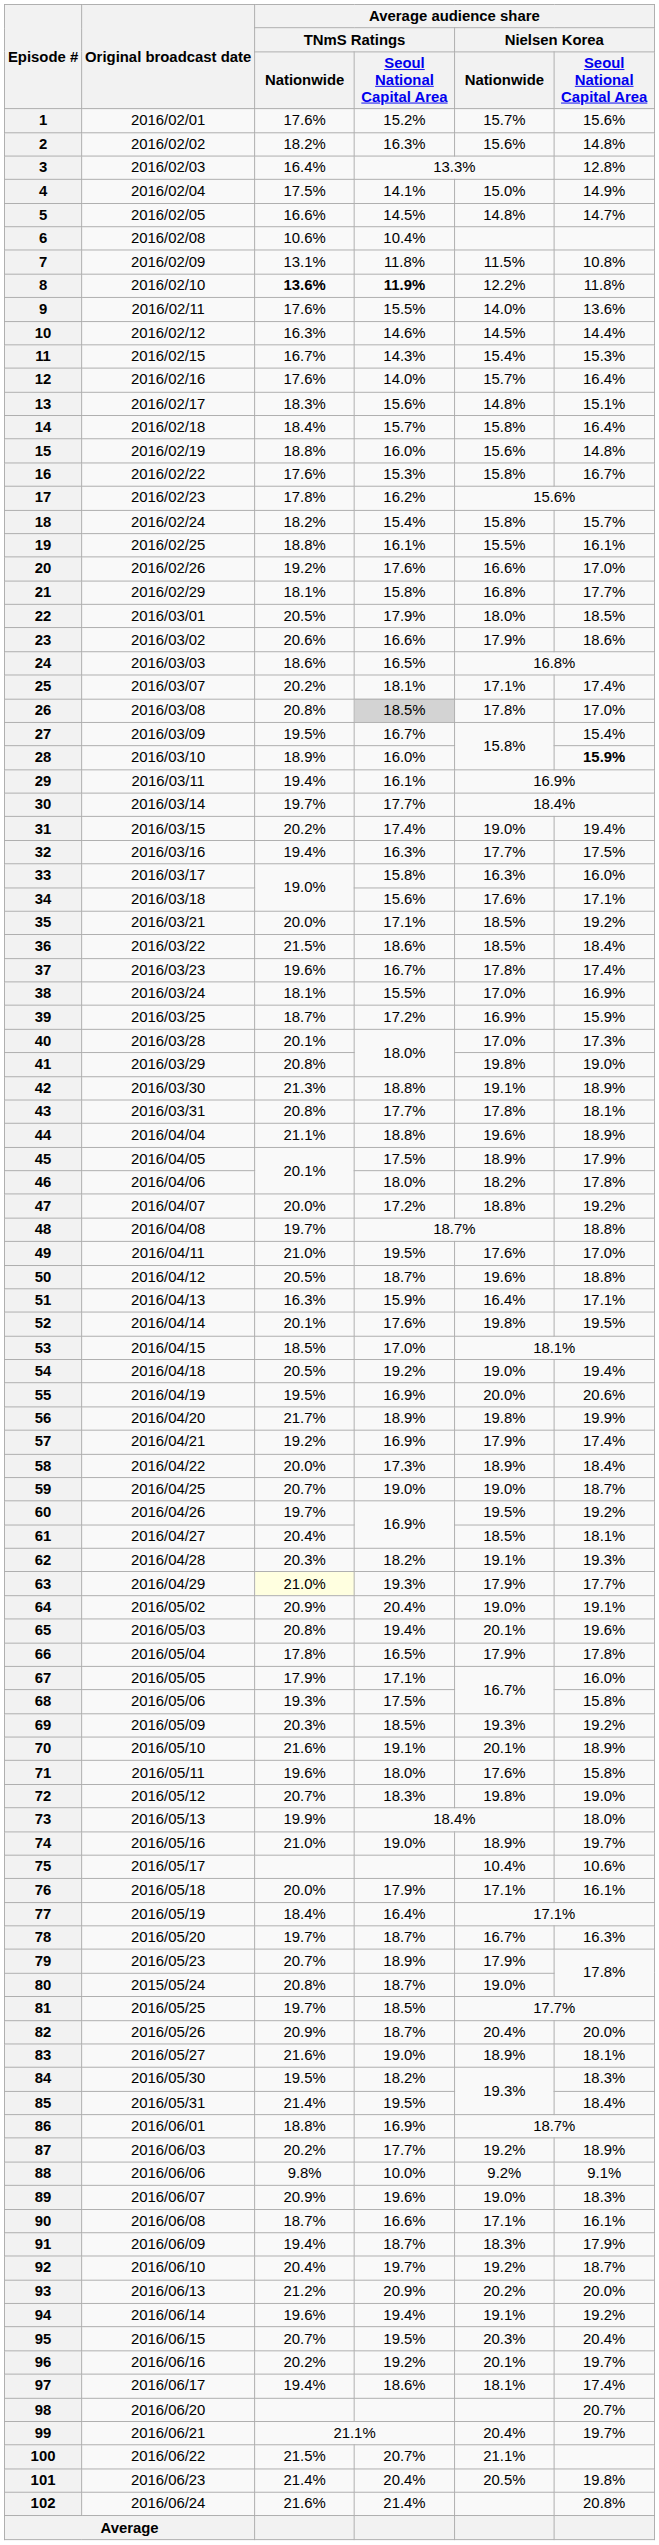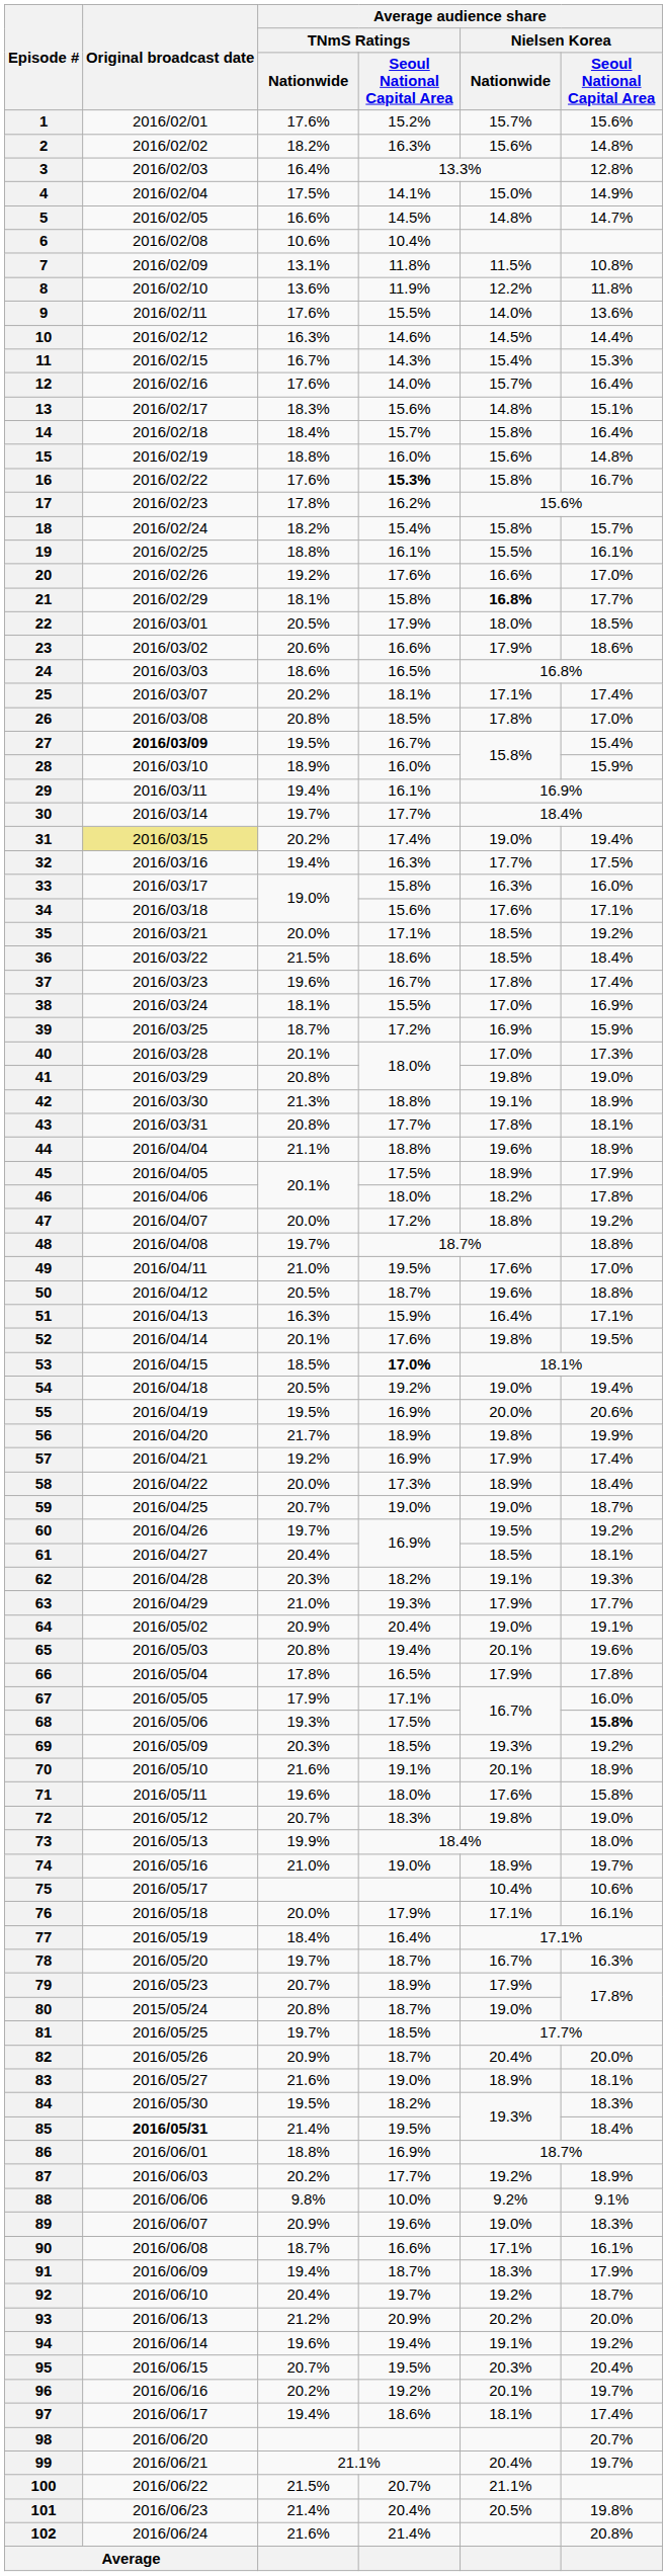 <table class=wikitable style="text-align:center">
 <tr>
 <th rowspan="3">Episode #</th>
 <th rowspan="3">Original broadcast date</th>
 <th colspan="4">Average audience share</th>
 </tr>
 <tr>
 <th colspan="2">TNmS Ratings</th>
 <th colspan="2">Nielsen Korea</th>
 </tr>
 <tr>
 <th width=100>Nationwide</th>
 <th width=100><a href='#'>Seoul National Capital Area</a></th>
 <th width=100>Nationwide</th>
 <th width=100><a href='#'>Seoul National Capital Area</a></th>
 </tr>
 <tr>
 <th>1</th>
 <td>2016/02/01</td>
 <td>17.6%</td>
 <td>15.2%</td>
 <td>15.7%</td>
 <td>15.6%</td>
 </tr>
 <tr>
 <th>2</th>
 <td>2016/02/02</td>
 <td>18.2%</td>
 <td>16.3%</td>
 <td>15.6%</td>
 <td>14.8%</td>
 </tr>
 <tr>
 <th>3</th>
 <td>2016/02/03</td>
 <td>16.4%</td>
 <td colspan=2>13.3%</td>
 <td>12.8%</td>
 </tr>
 <tr>
 <th>4</th>
 <td>2016/02/04</td>
 <td>17.5%</td>
 <td>14.1%</td>
 <td>15.0%</td>
 <td>14.9%</td>
 </tr>
 <tr>
 <th>5</th>
 <td>2016/02/05</td>
 <td>16.6%</td>
 <td>14.5%</td>
 <td>14.8%</td>
 <td>14.7%</td>
 </tr>
 <tr>
 <th>6</th>
 <td>2016/02/08</td>
 <td>10.6%</td>
 <td>10.4%</td>
 <td></td>
 <td></td>
 </tr>
 <tr>
 <th>7</th>
 <td>2016/02/09</td>
 <td>13.1%</td>
 <td>11.8%</td>
 <td>11.5%</td>
 <td>10.8%</td>
 </tr>
 <tr>
 <th>8</th>
 <td>2016/02/10</td>
-<td><strong>13.6%</strong></td>
-<td><strong>11.9%</strong></td>
+<td>13.6%</td>
+<td>11.9%</td>
 <td>12.2%</td>
 <td>11.8%</td>
 </tr>
 <tr>
 <th>9</th>
 <td>2016/02/11</td>
 <td>17.6%</td>
 <td>15.5%</td>
 <td>14.0%</td>
 <td>13.6%</td>
 </tr>
 <tr>
 <th>10</th>
 <td>2016/02/12</td>
 <td>16.3%</td>
 <td>14.6%</td>
 <td>14.5%</td>
 <td>14.4%</td>
 </tr>
 <tr>
 <th>11</th>
 <td>2016/02/15</td>
 <td>16.7%</td>
 <td>14.3%</td>
 <td>15.4%</td>
 <td>15.3%</td>
 </tr>
 <tr>
 <th>12</th>
 <td>2016/02/16</td>
 <td>17.6%</td>
 <td>14.0%</td>
 <td>15.7%</td>
 <td>16.4%</td>
 </tr>
 <tr>
 <th>13</th>
 <td>2016/02/17</td>
 <td>18.3%</td>
 <td>15.6%</td>
 <td>14.8%</td>
 <td>15.1%</td>
 </tr>
 <tr>
 <th>14</th>
 <td>2016/02/18</td>
 <td>18.4%</td>
 <td>15.7%</td>
 <td>15.8%</td>
 <td>16.4%</td>
 </tr>
 <tr>
 <th>15</th>
 <td>2016/02/19</td>
 <td>18.8%</td>
 <td>16.0%</td>
 <td>15.6%</td>
 <td>14.8%</td>
 </tr>
 <tr>
 <th>16</th>
 <td>2016/02/22</td>
 <td>17.6%</td>
-<td>15.3%</td>
+<td><strong>15.3%</strong></td>
 <td>15.8%</td>
 <td>16.7%</td>
 </tr>
 <tr>
 <th>17</th>
 <td>2016/02/23</td>
 <td>17.8%</td>
 <td>16.2%</td>
 <td colspan=2>15.6%</td>
 </tr>
 <tr>
 <th>18</th>
 <td>2016/02/24</td>
 <td>18.2%</td>
 <td>15.4%</td>
 <td>15.8%</td>
 <td>15.7%</td>
 </tr>
 <tr>
 <th>19</th>
 <td>2016/02/25</td>
 <td>18.8%</td>
 <td>16.1%</td>
 <td>15.5%</td>
 <td>16.1%</td>
 </tr>
 <tr>
 <th>20</th>
 <td>2016/02/26</td>
 <td>19.2%</td>
 <td>17.6%</td>
 <td>16.6%</td>
 <td>17.0%</td>
 </tr>
 <tr>
 <th>21</th>
 <td>2016/02/29</td>
 <td>18.1%</td>
 <td>15.8%</td>
-<td>16.8%</td>
+<td><strong>16.8%</strong></td>
 <td>17.7%</td>
 </tr>
 <tr>
 <th>22</th>
 <td>2016/03/01</td>
 <td>20.5%</td>
 <td>17.9%</td>
 <td>18.0%</td>
 <td>18.5%</td>
 </tr>
 <tr>
 <th>23</th>
 <td>2016/03/02</td>
 <td>20.6%</td>
 <td>16.6%</td>
 <td>17.9%</td>
 <td>18.6%</td>
 </tr>
 <tr>
 <th>24</th>
 <td>2016/03/03</td>
 <td>18.6%</td>
 <td>16.5%</td>
 <td colspan=2>16.8%</td>
 </tr>
 <tr>
 <th>25</th>
 <td>2016/03/07</td>
 <td>20.2%</td>
 <td>18.1%</td>
 <td>17.1%</td>
 <td>17.4%</td>
 </tr>
 <tr>
 <th>26</th>
 <td>2016/03/08</td>
 <td>20.8%</td>
-<td style="background: lightgrey;">18.5%</td>
+<td>18.5%</td>
 <td>17.8%</td>
 <td>17.0%</td>
 </tr>
 <tr>
 <th>27</th>
-<td>2016/03/09</td>
+<td><strong>2016/03/09</strong></td>
 <td>19.5%</td>
 <td>16.7%</td>
 <td rowspan=2>15.8%</td>
 <td>15.4%</td>
 </tr>
 <tr>
 <th>28</th>
 <td>2016/03/10</td>
 <td>18.9%</td>
 <td>16.0%</td>
-<td><strong>15.9%</strong></td>
+<td>15.9%</td>
 </tr>
 <tr>
 <th>29</th>
 <td>2016/03/11</td>
 <td>19.4%</td>
 <td>16.1%</td>
 <td colspan=2>16.9%</td>
 </tr>
 <tr>
 <th>30</th>
 <td>2016/03/14</td>
 <td>19.7%</td>
 <td>17.7%</td>
 <td colspan=2>18.4%</td>
 </tr>
 <tr>
 <th>31</th>
-<td>2016/03/15</td>
+<td style="background: khaki;">2016/03/15</td>
 <td>20.2%</td>
 <td>17.4%</td>
 <td>19.0%</td>
 <td>19.4%</td>
 </tr>
 <tr>
 <th>32</th>
 <td>2016/03/16</td>
 <td>19.4%</td>
 <td>16.3%</td>
 <td>17.7%</td>
 <td>17.5%</td>
 </tr>
 <tr>
 <th>33</th>
 <td>2016/03/17</td>
 <td rowspan=2>19.0%</td>
 <td>15.8%</td>
 <td>16.3%</td>
 <td>16.0%</td>
 </tr>
 <tr>
 <th>34</th>
 <td>2016/03/18</td>
 <td>15.6%</td>
 <td>17.6%</td>
 <td>17.1%</td>
 </tr>
 <tr>
 <th>35</th>
 <td>2016/03/21</td>
 <td>20.0%</td>
 <td>17.1%</td>
 <td>18.5%</td>
 <td>19.2%</td>
 </tr>
 <tr>
 <th>36</th>
 <td>2016/03/22</td>
 <td>21.5%</td>
 <td>18.6%</td>
 <td>18.5%</td>
 <td>18.4%</td>
 </tr>
 <tr>
 <th>37</th>
 <td>2016/03/23</td>
 <td>19.6%</td>
 <td>16.7%</td>
 <td>17.8%</td>
 <td>17.4%</td>
 </tr>
 <tr>
 <th>38</th>
 <td>2016/03/24</td>
 <td>18.1%</td>
 <td>15.5%</td>
 <td>17.0%</td>
 <td>16.9%</td>
 </tr>
 <tr>
 <th>39</th>
 <td>2016/03/25</td>
 <td>18.7%</td>
 <td>17.2%</td>
 <td>16.9%</td>
 <td>15.9%</td>
 </tr>
 <tr>
 <th>40</th>
 <td>2016/03/28</td>
 <td>20.1%</td>
 <td rowspan=2>18.0%</td>
 <td>17.0%</td>
 <td>17.3%</td>
 </tr>
 <tr>
 <th>41</th>
 <td>2016/03/29</td>
 <td>20.8%</td>
 <td>19.8%</td>
 <td>19.0%</td>
 </tr>
 <tr>
 <th>42</th>
 <td>2016/03/30</td>
 <td>21.3%</td>
 <td>18.8%</td>
 <td>19.1%</td>
 <td>18.9%</td>
 </tr>
 <tr>
 <th>43</th>
 <td>2016/03/31</td>
 <td>20.8%</td>
 <td>17.7%</td>
 <td>17.8%</td>
 <td>18.1%</td>
 </tr>
 <tr>
 <th>44</th>
 <td>2016/04/04</td>
 <td>21.1%</td>
 <td>18.8%</td>
 <td>19.6%</td>
 <td>18.9%</td>
 </tr>
 <tr>
 <th>45</th>
 <td>2016/04/05</td>
 <td rowspan=2>20.1%</td>
 <td>17.5%</td>
 <td>18.9%</td>
 <td>17.9%</td>
 </tr>
 <tr>
 <th>46</th>
 <td>2016/04/06</td>
 <td>18.0%</td>
 <td>18.2%</td>
 <td>17.8%</td>
 </tr>
 <tr>
 <th>47</th>
 <td>2016/04/07</td>
 <td>20.0%</td>
 <td>17.2%</td>
 <td>18.8%</td>
 <td>19.2%</td>
 </tr>
 <tr>
 <th>48</th>
 <td>2016/04/08</td>
 <td>19.7%</td>
 <td colspan=2>18.7%</td>
 <td>18.8%</td>
 </tr>
 <tr>
 <th>49</th>
 <td>2016/04/11</td>
 <td>21.0%</td>
 <td>19.5%</td>
 <td>17.6%</td>
 <td>17.0%</td>
 </tr>
 <tr>
 <th>50</th>
 <td>2016/04/12</td>
 <td>20.5%</td>
 <td>18.7%</td>
 <td>19.6%</td>
 <td>18.8%</td>
 </tr>
 <tr>
 <th>51</th>
 <td>2016/04/13</td>
 <td>16.3%</td>
 <td>15.9%</td>
 <td>16.4%</td>
 <td>17.1%</td>
 </tr>
 <tr>
 <th>52</th>
 <td>2016/04/14</td>
 <td>20.1%</td>
 <td>17.6%</td>
 <td>19.8%</td>
 <td>19.5%</td>
 </tr>
 <tr>
 <th>53</th>
 <td>2016/04/15</td>
 <td>18.5%</td>
-<td>17.0%</td>
+<td><strong>17.0%</strong></td>
 <td colspan=2>18.1%</td>
 </tr>
 <tr>
 <th>54</th>
 <td>2016/04/18</td>
 <td>20.5%</td>
 <td>19.2%</td>
 <td>19.0%</td>
 <td>19.4%</td>
 </tr>
 <tr>
 <th>55</th>
 <td>2016/04/19</td>
 <td>19.5%</td>
 <td>16.9%</td>
 <td>20.0%</td>
 <td>20.6%</td>
 </tr>
 <tr>
 <th>56</th>
 <td>2016/04/20</td>
 <td>21.7%</td>
 <td>18.9%</td>
 <td>19.8%</td>
 <td>19.9%</td>
 </tr>
 <tr>
 <th>57</th>
 <td>2016/04/21</td>
 <td>19.2%</td>
 <td>16.9%</td>
 <td>17.9%</td>
 <td>17.4%</td>
 </tr>
 <tr>
 <th>58</th>
 <td>2016/04/22</td>
 <td>20.0%</td>
 <td>17.3%</td>
 <td>18.9%</td>
 <td>18.4%</td>
 </tr>
 <tr>
 <th>59</th>
 <td>2016/04/25</td>
 <td>20.7%</td>
 <td>19.0%</td>
 <td>19.0%</td>
 <td>18.7%</td>
 </tr>
 <tr>
 <th>60</th>
 <td>2016/04/26</td>
 <td>19.7%</td>
 <td rowspan=2>16.9%</td>
 <td>19.5%</td>
 <td>19.2%</td>
 </tr>
 <tr>
 <th>61</th>
 <td>2016/04/27</td>
 <td>20.4%</td>
 <td>18.5%</td>
 <td>18.1%</td>
 </tr>
 <tr>
 <th>62</th>
 <td>2016/04/28</td>
 <td>20.3%</td>
 <td>18.2%</td>
 <td>19.1%</td>
 <td>19.3%</td>
 </tr>
 <tr>
 <th>63</th>
 <td>2016/04/29</td>
-<td style="background: lightyellow;">21.0%</td>
+<td>21.0%</td>
 <td>19.3%</td>
 <td>17.9%</td>
 <td>17.7%</td>
 </tr>
 <tr>
 <th>64</th>
 <td>2016/05/02</td>
 <td>20.9%</td>
 <td>20.4%</td>
 <td>19.0%</td>
 <td>19.1%</td>
 </tr>
 <tr>
 <th>65</th>
 <td>2016/05/03</td>
 <td>20.8%</td>
 <td>19.4%</td>
 <td>20.1%</td>
 <td>19.6%</td>
 </tr>
 <tr>
 <th>66</th>
 <td>2016/05/04</td>
 <td>17.8%</td>
 <td>16.5%</td>
 <td>17.9%</td>
 <td>17.8%</td>
 </tr>
 <tr>
 <th>67</th>
 <td>2016/05/05</td>
 <td>17.9%</td>
 <td>17.1%</td>
 <td rowspan=2>16.7%</td>
 <td>16.0%</td>
 </tr>
 <tr>
 <th>68</th>
 <td>2016/05/06</td>
 <td>19.3%</td>
 <td>17.5%</td>
-<td>15.8%</td>
+<td><strong>15.8%</strong></td>
 </tr>
 <tr>
 <th>69</th>
 <td>2016/05/09</td>
 <td>20.3%</td>
 <td>18.5%</td>
 <td>19.3%</td>
 <td>19.2%</td>
 </tr>
 <tr>
 <th>70</th>
 <td>2016/05/10</td>
 <td>21.6%</td>
 <td>19.1%</td>
 <td>20.1%</td>
 <td>18.9%</td>
 </tr>
 <tr>
 <th>71</th>
 <td>2016/05/11</td>
 <td>19.6%</td>
 <td>18.0%</td>
 <td>17.6%</td>
 <td>15.8%</td>
 </tr>
 <tr>
 <th>72</th>
 <td>2016/05/12</td>
 <td>20.7%</td>
 <td>18.3%</td>
 <td>19.8%</td>
 <td>19.0%</td>
 </tr>
 <tr>
 <th>73</th>
 <td>2016/05/13</td>
 <td>19.9%</td>
 <td colspan=2>18.4%</td>
 <td>18.0%</td>
 </tr>
 <tr>
 <th>74</th>
 <td>2016/05/16</td>
 <td>21.0%</td>
 <td>19.0%</td>
 <td>18.9%</td>
 <td>19.7%</td>
 </tr>
 <tr>
 <th>75</th>
 <td>2016/05/17</td>
 <td></td>
 <td></td>
 <td>10.4%</td>
 <td>10.6%</td>
 </tr>
 <tr>
 <th>76</th>
 <td>2016/05/18</td>
 <td>20.0%</td>
 <td>17.9%</td>
 <td>17.1%</td>
 <td>16.1%</td>
 </tr>
 <tr>
 <th>77</th>
 <td>2016/05/19</td>
 <td>18.4%</td>
 <td>16.4%</td>
 <td colspan=2>17.1%</td>
 </tr>
 <tr>
 <th>78</th>
 <td>2016/05/20</td>
 <td>19.7%</td>
 <td>18.7%</td>
 <td>16.7%</td>
 <td>16.3%</td>
 </tr>
 <tr>
 <th>79</th>
 <td>2016/05/23</td>
 <td>20.7%</td>
 <td>18.9%</td>
 <td>17.9%</td>
 <td rowspan=2>17.8%</td>
 </tr>
 <tr>
 <th>80</th>
 <td>2015/05/24</td>
 <td>20.8%</td>
 <td>18.7%</td>
 <td>19.0%</td>
 </tr>
 <tr>
 <th>81</th>
 <td>2016/05/25</td>
 <td>19.7%</td>
 <td>18.5%</td>
 <td colspan=2>17.7%</td>
 </tr>
 <tr>
 <th>82</th>
 <td>2016/05/26</td>
 <td>20.9%</td>
 <td>18.7%</td>
 <td>20.4%</td>
 <td>20.0%</td>
 </tr>
 <tr>
 <th>83</th>
 <td>2016/05/27</td>
 <td>21.6%</td>
 <td>19.0%</td>
 <td>18.9%</td>
 <td>18.1%</td>
 </tr>
 <tr>
 <th>84</th>
 <td>2016/05/30</td>
 <td>19.5%</td>
 <td>18.2%</td>
 <td rowspan=2>19.3%</td>
 <td>18.3%</td>
 </tr>
 <tr>
 <th>85</th>
-<td>2016/05/31</td>
+<td><strong>2016/05/31</strong></td>
 <td>21.4%</td>
 <td>19.5%</td>
 <td>18.4%</td>
 </tr>
 <tr>
 <th>86</th>
 <td>2016/06/01</td>
 <td>18.8%</td>
 <td>16.9%</td>
 <td colspan=2>18.7%</td>
 </tr>
 <tr>
 <th>87</th>
 <td>2016/06/03</td>
 <td>20.2%</td>
 <td>17.7%</td>
 <td>19.2%</td>
 <td>18.9%</td>
 </tr>
 <tr>
 <th>88</th>
 <td>2016/06/06</td>
 <td>9.8%</td>
 <td>10.0%</td>
 <td>9.2%</td>
 <td>9.1%</td>
 </tr>
 <tr>
 <th>89</th>
 <td>2016/06/07</td>
 <td>20.9%</td>
 <td>19.6%</td>
 <td>19.0%</td>
 <td>18.3%</td>
 </tr>
 <tr>
 <th>90</th>
 <td>2016/06/08</td>
 <td>18.7%</td>
 <td>16.6%</td>
 <td>17.1%</td>
 <td>16.1%</td>
 </tr>
 <tr>
 <th>91</th>
 <td>2016/06/09</td>
 <td>19.4%</td>
 <td>18.7%</td>
 <td>18.3%</td>
 <td>17.9%</td>
 </tr>
 <tr>
 <th>92</th>
 <td>2016/06/10</td>
 <td>20.4%</td>
 <td>19.7%</td>
 <td>19.2%</td>
 <td>18.7%</td>
 </tr>
 <tr>
 <th>93</th>
 <td>2016/06/13</td>
 <td>21.2%</td>
 <td>20.9%</td>
 <td>20.2%</td>
 <td>20.0%</td>
 </tr>
 <tr>
 <th>94</th>
 <td>2016/06/14</td>
 <td>19.6%</td>
 <td>19.4%</td>
 <td>19.1%</td>
 <td>19.2%</td>
 </tr>
 <tr>
 <th>95</th>
 <td>2016/06/15</td>
 <td>20.7%</td>
 <td>19.5%</td>
 <td>20.3%</td>
 <td>20.4%</td>
 </tr>
 <tr>
 <th>96</th>
 <td>2016/06/16</td>
 <td>20.2%</td>
 <td>19.2%</td>
 <td>20.1%</td>
 <td>19.7%</td>
 </tr>
 <tr>
 <th>97</th>
 <td>2016/06/17</td>
 <td>19.4%</td>
 <td>18.6%</td>
 <td>18.1%</td>
 <td>17.4%</td>
 </tr>
 <tr>
 <th>98</th>
 <td>2016/06/20</td>
 <td></td>
 <td></td>
 <td></td>
 <td>20.7%</td>
 </tr>
 <tr>
 <th>99</th>
 <td>2016/06/21</td>
 <td colspan=2>21.1%</td>
 <td>20.4%</td>
 <td>19.7%</td>
 </tr>
 <tr>
 <th>100</th>
 <td>2016/06/22</td>
 <td>21.5%</td>
 <td>20.7%</td>
 <td>21.1%</td>
 <td></td>
 </tr>
 <tr>
 <th>101</th>
 <td>2016/06/23</td>
 <td>21.4%</td>
 <td>20.4%</td>
 <td>20.5%</td>
 <td>19.8%</td>
 </tr>
 <tr>
 <th>102</th>
 <td>2016/06/24</td>
 <td>21.6%</td>
 <td>21.4%</td>
 <td></td>
 <td>20.8%</td>
 </tr>
 <tr>
 <th colspan=2>Average</th>
 <th></th>
 <th></th>
 <th></th>
 <th></th>
 </tr>
 </table>
